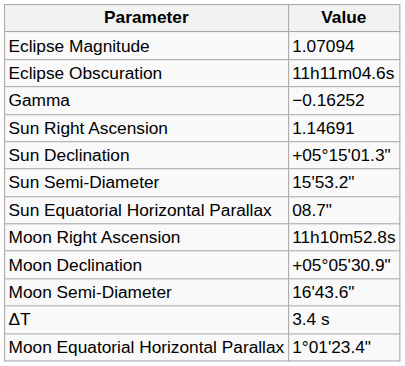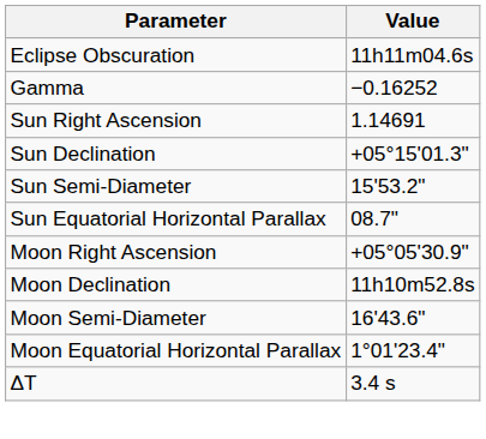 <table class="wikitable">
 <tr>
 <th>Parameter</th>
 <th>Value</th>
-</tr>
-<tr>
-<td>Eclipse Magnitude</td>
-<td>1.07094</td>
 </tr>
 <tr>
 <td>Eclipse Obscuration</td>
 <td>11h11m04.6s</td>
 </tr>
 <tr>
 <td>Gamma</td>
 <td>−0.16252</td>
 </tr>
 <tr>
 <td>Sun Right Ascension</td>
 <td>1.14691</td>
 </tr>
 <tr>
 <td>Sun Declination</td>
 <td>+05°15'01.3"</td>
 </tr>
 <tr>
 <td>Sun Semi-Diameter</td>
 <td>15'53.2"</td>
 </tr>
 <tr>
 <td>Sun Equatorial Horizontal Parallax</td>
 <td>08.7"</td>
 </tr>
 <tr>
 <td>Moon Right Ascension</td>
-<td>11h10m52.8s</td>
+<td>+05°05'30.9"</td>
 </tr>
 <tr>
 <td>Moon Declination</td>
-<td>+05°05'30.9"</td>
+<td>11h10m52.8s</td>
 </tr>
 <tr>
 <td>Moon Semi-Diameter</td>
 <td>16'43.6"</td>
 </tr>
 <tr>
+<td>Moon Equatorial Horizontal Parallax</td>
+<td>1°01'23.4"</td>
+</tr>
+<tr>
 <td>ΔT</td>
 <td>3.4 s</td>
 </tr>
-<tr>
-<td>Moon Equatorial Horizontal Parallax</td>
-<td>1°01'23.4"</td>
-</tr>
 </table>
